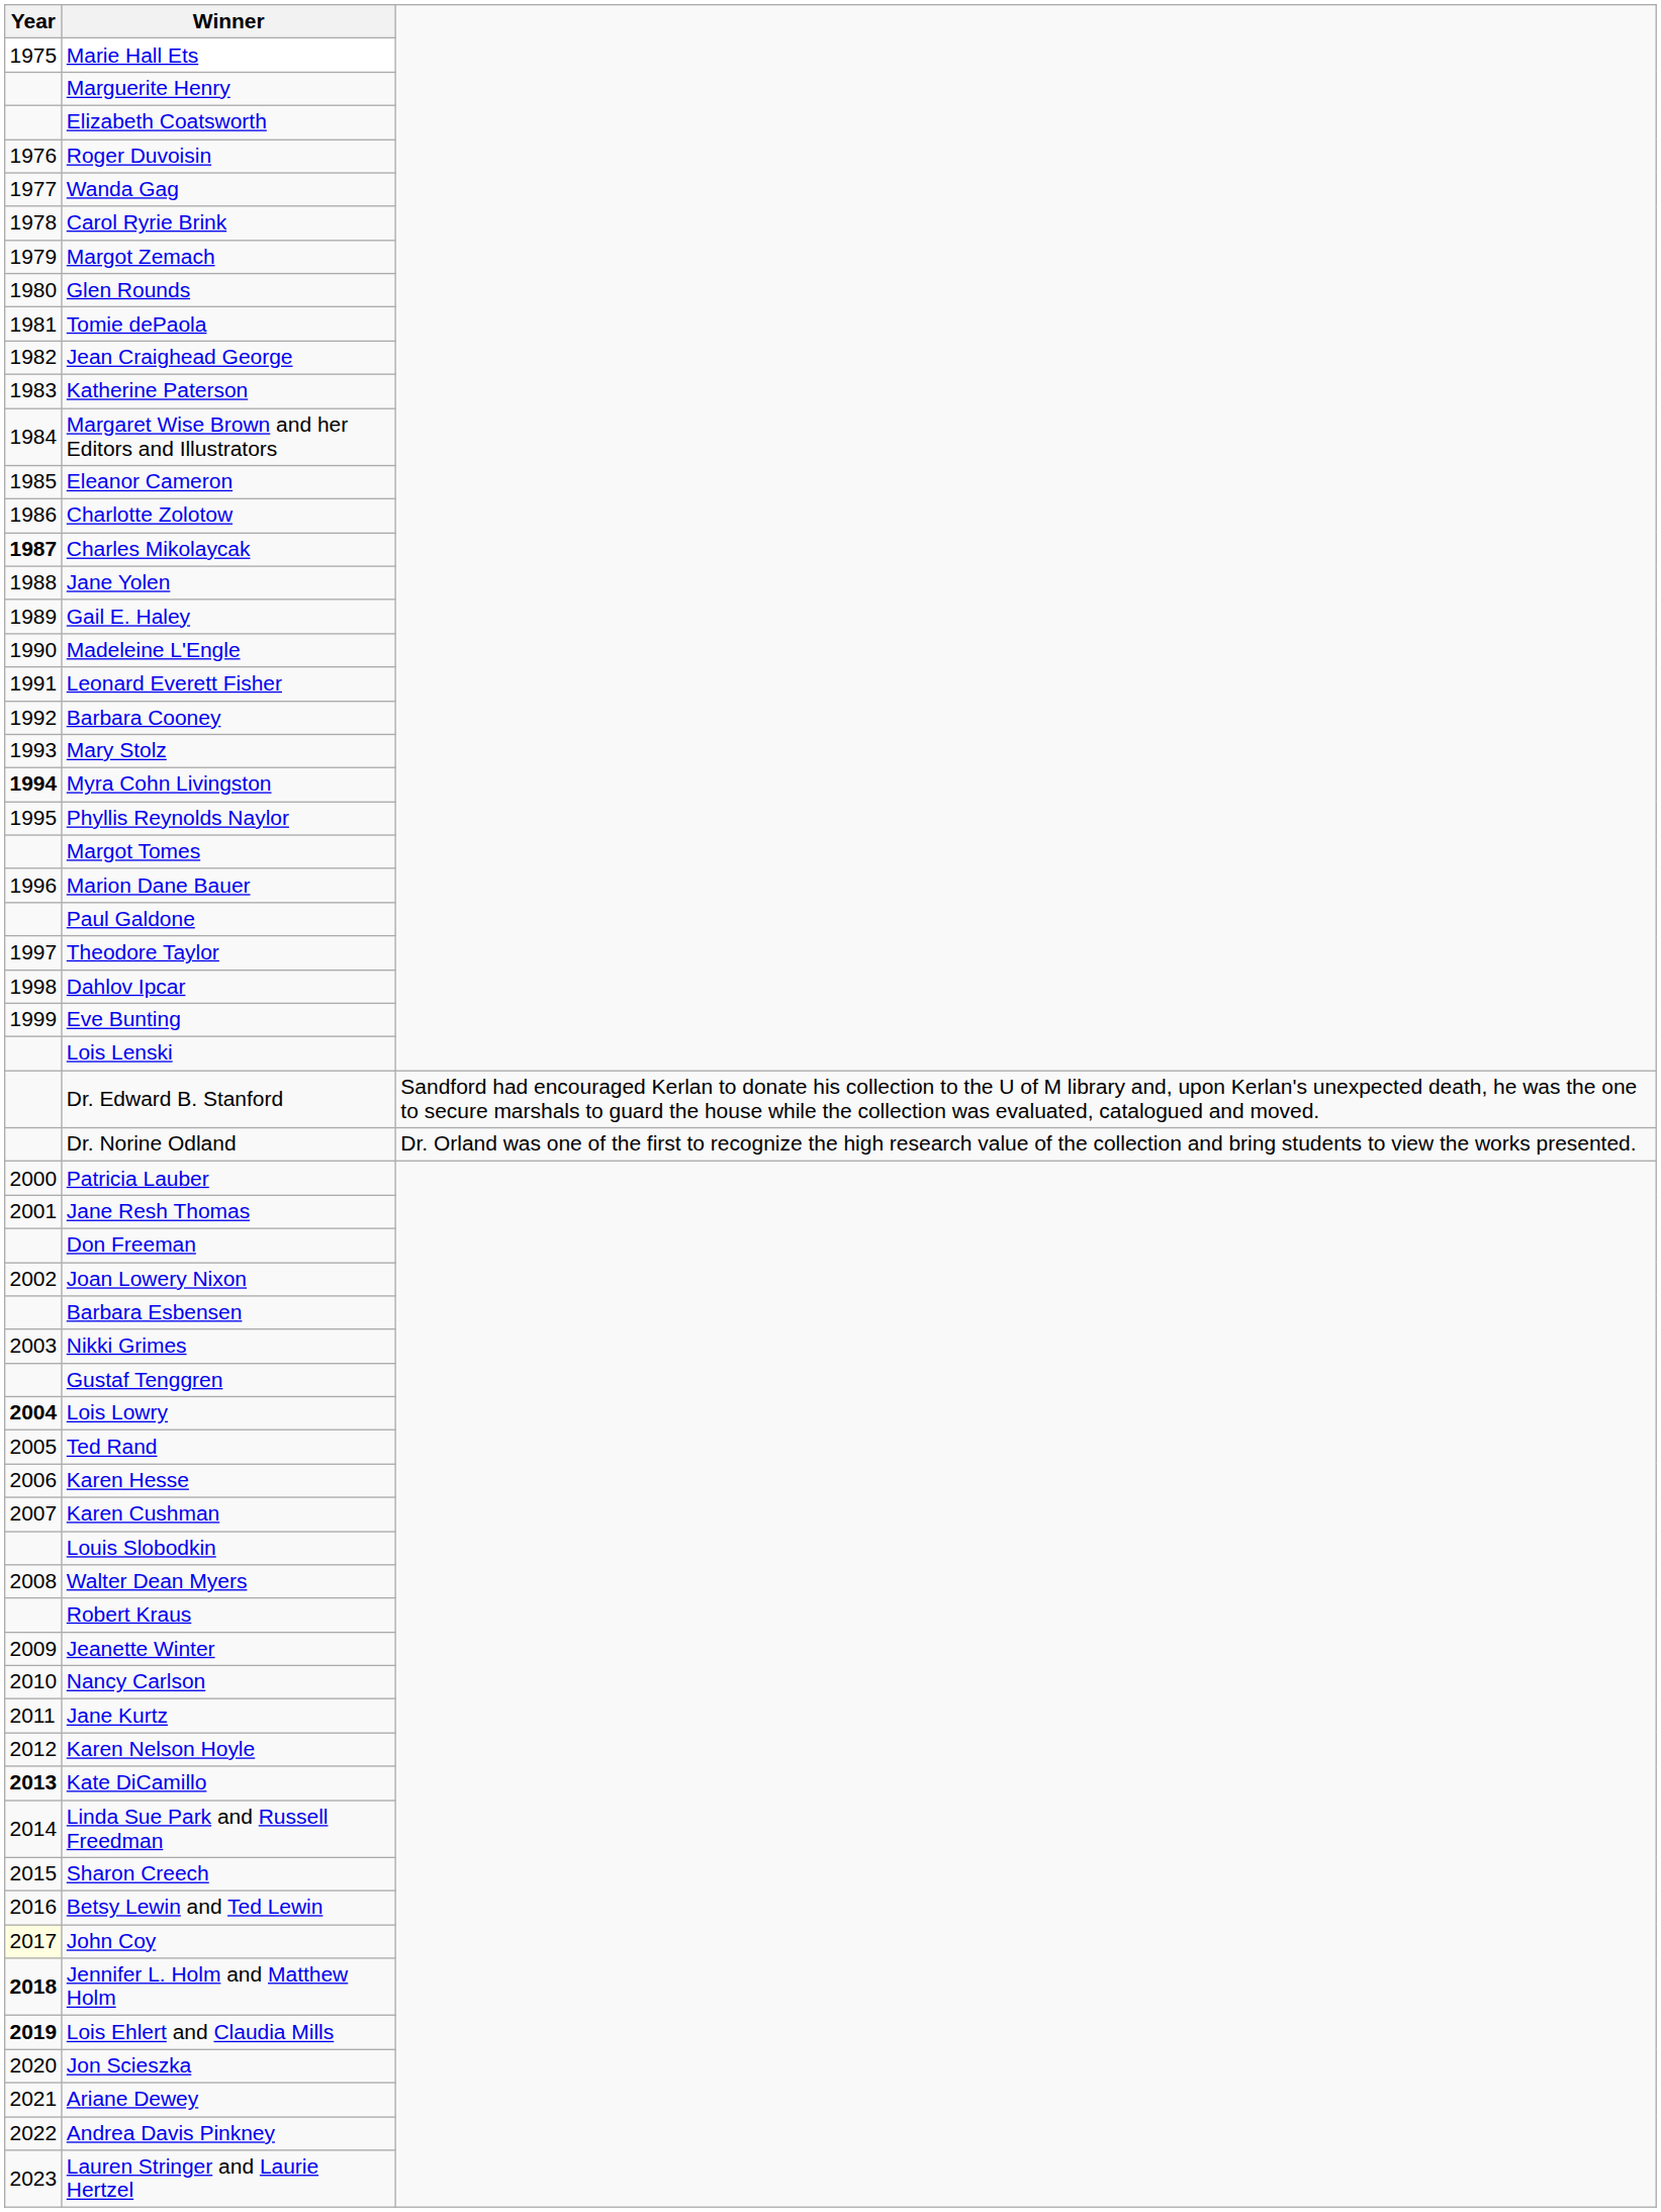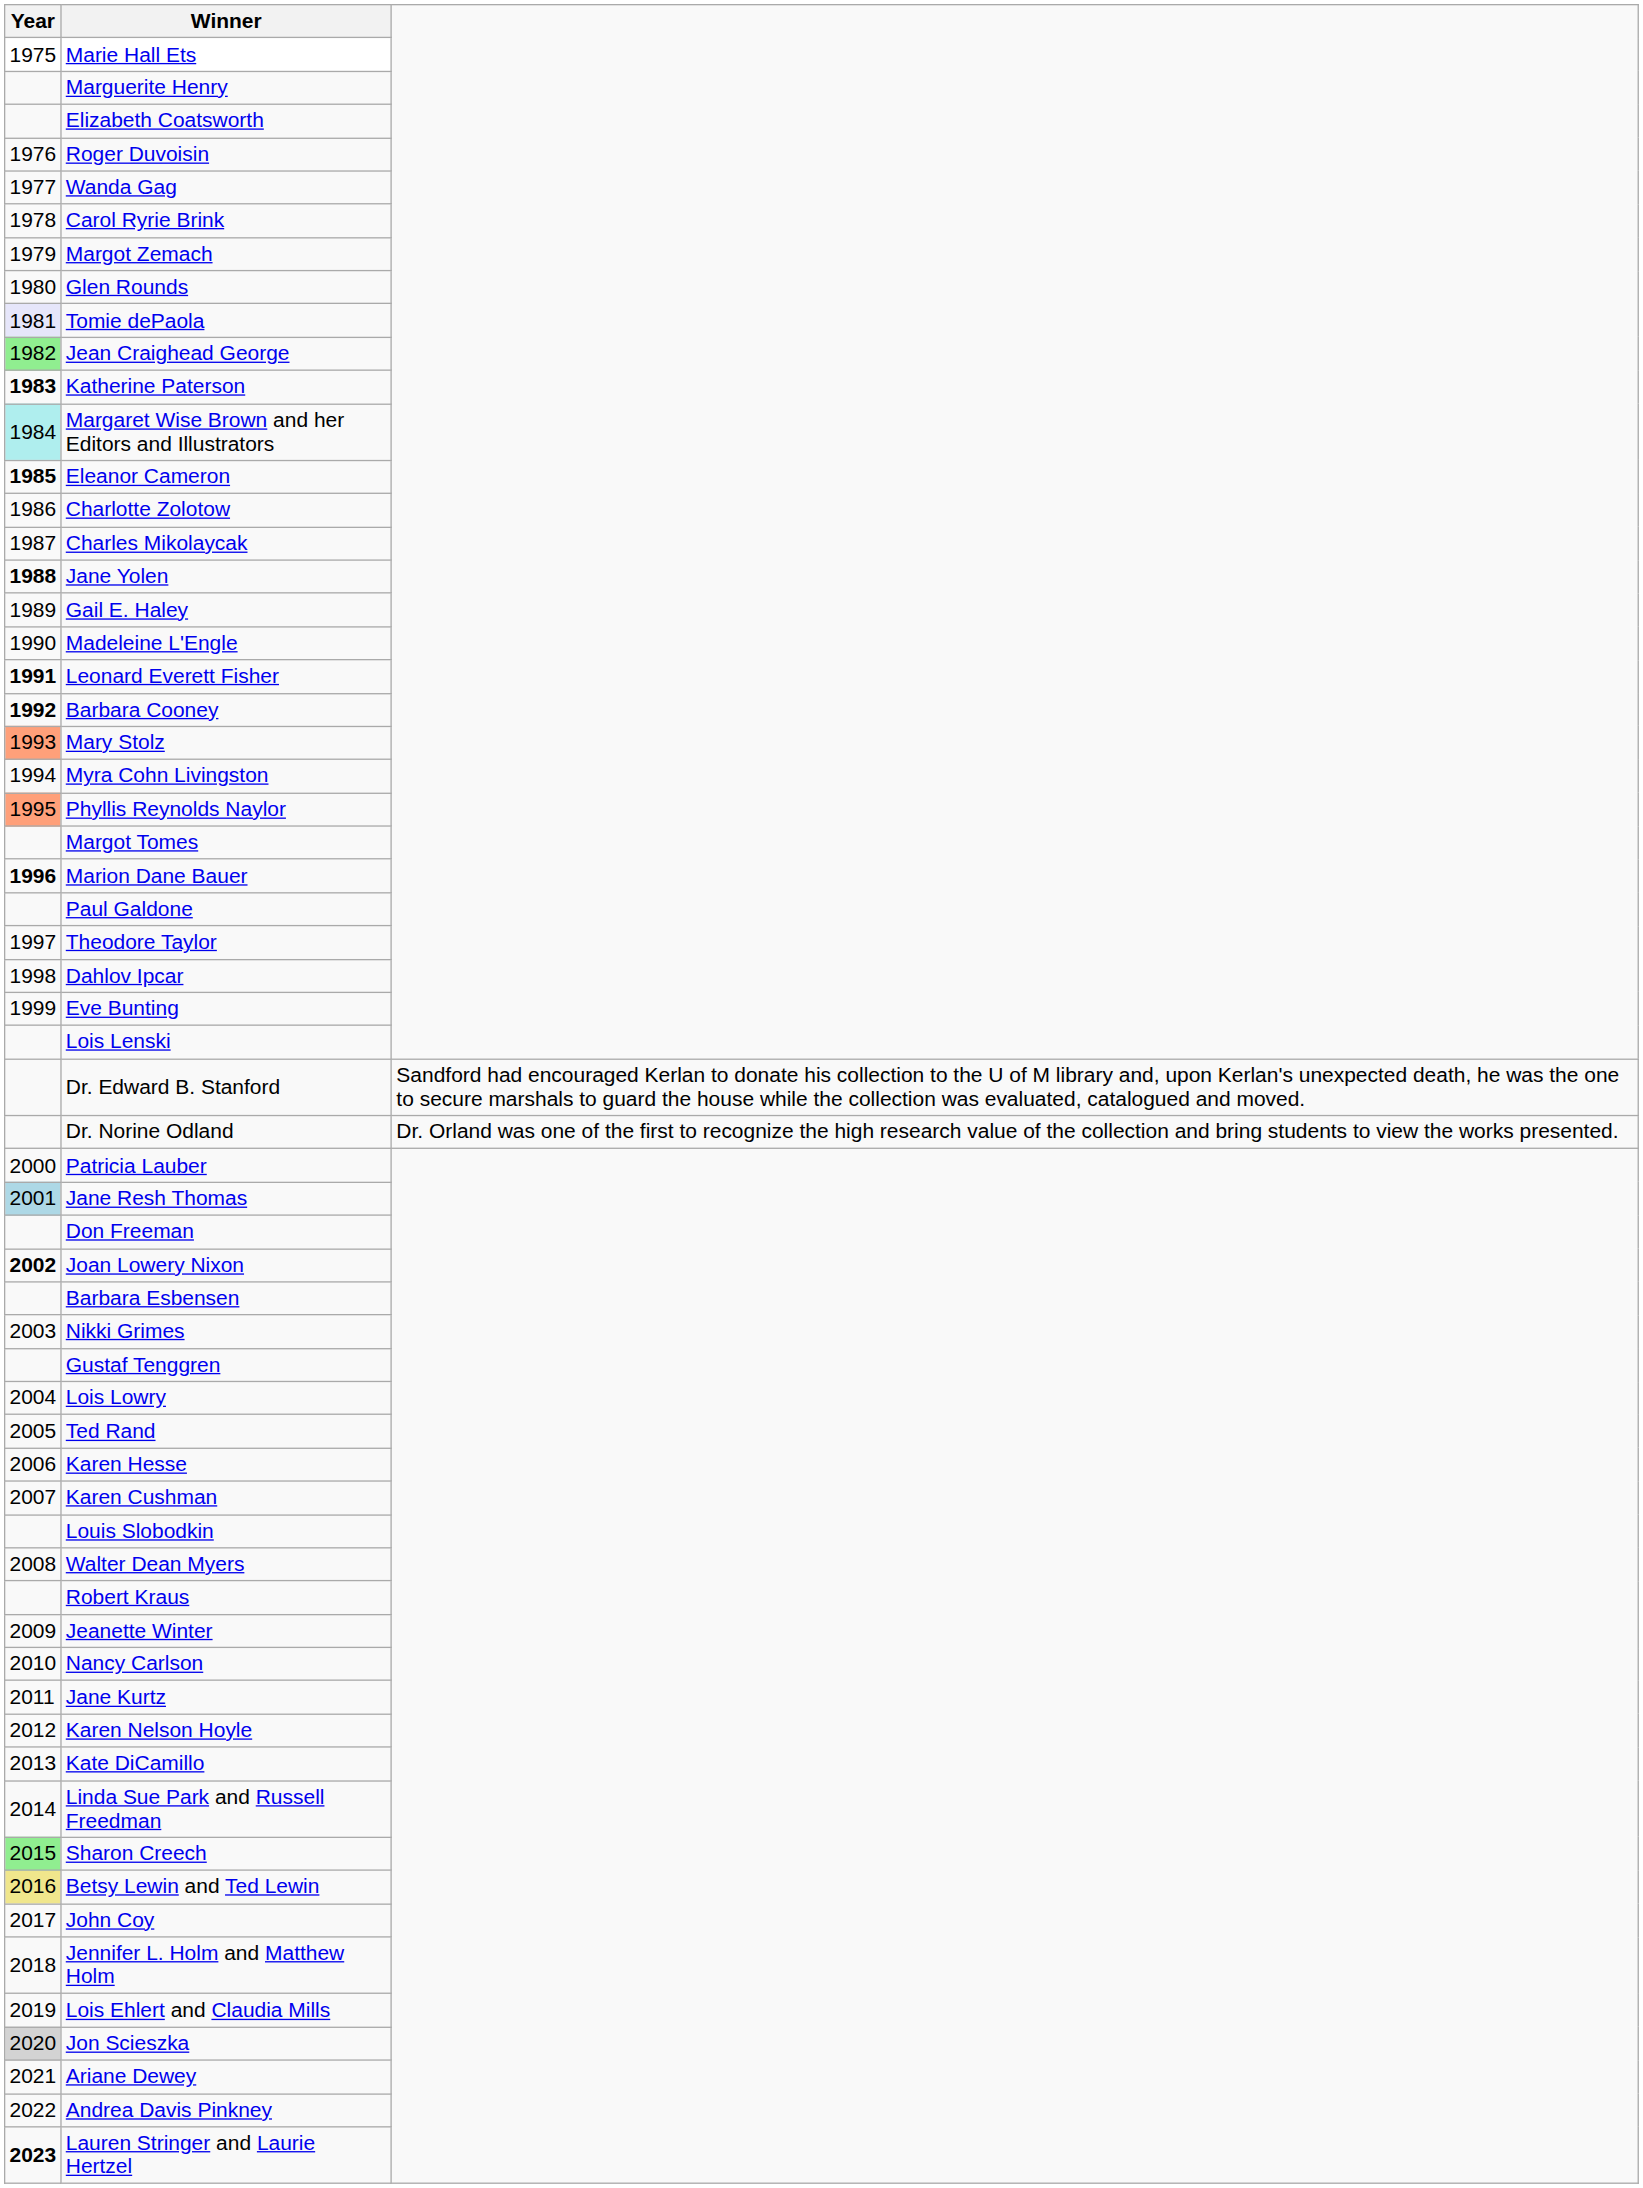 <table class="wikitable">
 <tr>
 <th>Year</th>
 <th>Winner</th>
 </tr>
 <tr style="background:white; color:black">
 <td>1975</td>
 <td><a href='#'>Marie Hall Ets</a></td>
 </tr>
 <tr>
 <td></td>
 <td><a href='#'>Marguerite Henry</a></td>
 </tr>
 <tr>
 <td></td>
 <td><a href='#'>Elizabeth Coatsworth</a></td>
 </tr>
 <tr>
 <td>1976</td>
 <td><a href='#'>Roger Duvoisin</a></td>
 </tr>
 <tr>
 <td>1977</td>
 <td><a href='#'>Wanda Gag</a></td>
 </tr>
 <tr>
 <td>1978</td>
 <td><a href='#'>Carol Ryrie Brink</a></td>
 </tr>
 <tr>
 <td>1979</td>
 <td><a href='#'>Margot Zemach</a></td>
 </tr>
 <tr>
 <td>1980</td>
 <td><a href='#'>Glen Rounds</a></td>
 </tr>
 <tr>
-<td>1981</td>
+<td style="background: lavender;">1981</td>
 <td><a href='#'>Tomie dePaola</a></td>
 </tr>
 <tr>
-<td>1982</td>
+<td style="background: lightgreen;">1982</td>
 <td><a href='#'>Jean Craighead George</a></td>
 </tr>
 <tr>
-<td>1983</td>
+<td><strong>1983</strong></td>
 <td><a href='#'>Katherine Paterson</a></td>
 </tr>
 <tr>
-<td>1984</td>
+<td style="background: paleturquoise;">1984</td>
 <td><a href='#'>Margaret Wise Brown</a> and her Editors and Illustrators</td>
 </tr>
 <tr>
-<td>1985</td>
+<td><strong>1985</strong></td>
 <td><a href='#'>Eleanor Cameron</a></td>
 </tr>
 <tr>
 <td>1986</td>
 <td><a href='#'>Charlotte Zolotow</a></td>
 </tr>
 <tr>
-<td><strong>1987</strong></td>
+<td>1987</td>
 <td><a href='#'>Charles Mikolaycak</a></td>
 </tr>
 <tr>
-<td>1988</td>
+<td><strong>1988</strong></td>
 <td><a href='#'>Jane Yolen</a></td>
 </tr>
 <tr>
 <td>1989</td>
 <td><a href='#'>Gail E. Haley</a></td>
 </tr>
 <tr>
 <td>1990</td>
 <td><a href='#'>Madeleine L'Engle</a></td>
 </tr>
 <tr>
-<td>1991</td>
+<td><strong>1991</strong></td>
 <td><a href='#'>Leonard Everett Fisher</a></td>
 </tr>
 <tr>
-<td>1992</td>
+<td><strong>1992</strong></td>
 <td><a href='#'>Barbara Cooney</a></td>
 </tr>
 <tr>
-<td>1993</td>
+<td style="background: lightsalmon;">1993</td>
 <td><a href='#'>Mary Stolz</a></td>
 </tr>
 <tr>
-<td><strong>1994</strong></td>
+<td>1994</td>
 <td><a href='#'>Myra Cohn Livingston</a></td>
 </tr>
 <tr>
-<td>1995</td>
+<td style="background: lightsalmon;">1995</td>
 <td><a href='#'>Phyllis Reynolds Naylor</a></td>
 </tr>
 <tr>
 <td></td>
 <td><a href='#'>Margot Tomes</a></td>
 </tr>
 <tr>
-<td>1996</td>
+<td><strong>1996</strong></td>
 <td><a href='#'>Marion Dane Bauer</a></td>
 </tr>
 <tr>
 <td></td>
 <td><a href='#'>Paul Galdone</a></td>
 </tr>
 <tr>
 <td>1997</td>
 <td><a href='#'>Theodore Taylor</a></td>
 </tr>
 <tr>
 <td>1998</td>
 <td><a href='#'>Dahlov Ipcar</a></td>
 </tr>
 <tr>
 <td>1999</td>
 <td><a href='#'>Eve Bunting</a></td>
 </tr>
 <tr>
 <td></td>
 <td><a href='#'>Lois Lenski</a></td>
 </tr>
 <tr>
 <td></td>
 <td>Dr. Edward B. Stanford</td>
 <td>Sandford had encouraged Kerlan to donate his collection to the U of M library and, upon Kerlan's unexpected death, he was the one to secure marshals to guard the house while the collection was evaluated, catalogued and moved.</td>
 </tr>
 <tr>
 <td></td>
 <td>Dr. Norine Odland</td>
 <td>Dr. Orland was one of the first to recognize the high research value of the collection and bring students to view the works presented.</td>
 </tr>
 <tr>
 <td>2000</td>
 <td><a href='#'>Patricia Lauber</a></td>
 </tr>
 <tr>
-<td>2001</td>
+<td style="background: lightblue;">2001</td>
 <td><a href='#'>Jane Resh Thomas</a></td>
 </tr>
 <tr>
 <td></td>
 <td><a href='#'>Don Freeman</a></td>
 </tr>
 <tr>
-<td>2002</td>
+<td><strong>2002</strong></td>
 <td><a href='#'>Joan Lowery Nixon</a></td>
 </tr>
 <tr>
 <td></td>
 <td><a href='#'>Barbara Esbensen</a></td>
 </tr>
 <tr>
 <td>2003</td>
 <td><a href='#'>Nikki Grimes</a></td>
 </tr>
 <tr>
 <td></td>
 <td><a href='#'>Gustaf Tenggren</a></td>
 </tr>
 <tr>
-<td><strong>2004</strong></td>
+<td>2004</td>
 <td><a href='#'>Lois Lowry</a></td>
 </tr>
 <tr>
 <td>2005</td>
 <td><a href='#'>Ted Rand</a></td>
 </tr>
 <tr>
 <td>2006</td>
 <td><a href='#'>Karen Hesse</a></td>
 </tr>
 <tr>
 <td>2007</td>
 <td><a href='#'>Karen Cushman</a></td>
 </tr>
 <tr>
 <td></td>
 <td><a href='#'>Louis Slobodkin</a></td>
 </tr>
 <tr>
 <td>2008</td>
 <td><a href='#'>Walter Dean Myers</a></td>
 </tr>
 <tr>
 <td></td>
 <td><a href='#'>Robert Kraus</a></td>
 </tr>
 <tr>
 <td>2009</td>
 <td><a href='#'>Jeanette Winter</a></td>
 </tr>
 <tr>
 <td>2010</td>
 <td><a href='#'>Nancy Carlson</a></td>
 </tr>
 <tr>
 <td>2011</td>
 <td><a href='#'>Jane Kurtz</a></td>
 </tr>
 <tr>
 <td>2012</td>
 <td><a href='#'>Karen Nelson Hoyle</a></td>
 </tr>
 <tr>
-<td><strong>2013</strong></td>
+<td>2013</td>
 <td><a href='#'>Kate DiCamillo</a></td>
 </tr>
 <tr>
 <td>2014</td>
 <td><a href='#'>Linda Sue Park</a> and <a href='#'>Russell Freedman</a></td>
 </tr>
 <tr>
-<td>2015</td>
+<td style="background: lightgreen;">2015</td>
 <td><a href='#'>Sharon Creech</a></td>
 </tr>
 <tr>
-<td>2016</td>
+<td style="background: khaki;">2016</td>
 <td><a href='#'>Betsy Lewin</a> and <a href='#'>Ted Lewin</a></td>
 </tr>
 <tr>
-<td style="background: lightyellow;">2017</td>
+<td>2017</td>
 <td><a href='#'>John Coy</a></td>
 </tr>
 <tr>
-<td><strong>2018</strong></td>
+<td>2018</td>
 <td><a href='#'>Jennifer L. Holm</a> and <a href='#'>Matthew Holm</a></td>
 </tr>
 <tr>
-<td><strong>2019</strong></td>
+<td>2019</td>
 <td><a href='#'>Lois Ehlert</a> and <a href='#'>Claudia Mills</a></td>
 </tr>
 <tr>
-<td>2020</td>
+<td style="background: lightgrey;">2020</td>
 <td><a href='#'>Jon Scieszka</a></td>
 </tr>
 <tr>
 <td>2021</td>
 <td><a href='#'>Ariane Dewey</a></td>
 </tr>
 <tr>
 <td>2022</td>
 <td><a href='#'>Andrea Davis Pinkney</a></td>
 </tr>
 <tr>
-<td>2023</td>
+<td><strong>2023</strong></td>
 <td><a href='#'>Lauren Stringer</a> and <a href='#'>Laurie Hertzel</a></td>
 </tr>
 </table>
